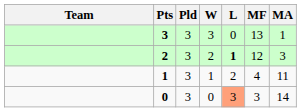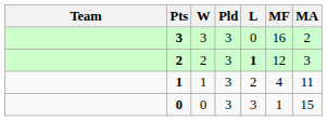 <table class=wikitable style="text-align:center; font-size:95%">
 <tr>
 <th width=175>Team</th>
 <th width=20>Pts</th>
+<th width=20>W</th>
 <th width=20>Pld</th>
-<th width=20>W</th>
 <th width=20>L</th>
 <th width=20>MF</th>
 <th width=20>MA</th>
 </tr>
 <tr bgcolor=ccffcc>
 <td style="text-align:left"></td>
 <td><strong>3</strong></td>
 <td>3</td>
 <td>3</td>
 <td>0</td>
-<td>13</td>
-<td>1</td>
+<td>16</td>
+<td>2</td>
 </tr>
 <tr bgcolor=ccffcc>
 <td style="text-align:left"></td>
 <td><strong>2</strong></td>
+<td>2</td>
 <td>3</td>
-<td>2</td>
 <td><strong>1</strong></td>
 <td>12</td>
 <td>3</td>
 </tr>
 <tr>
 <td style="text-align:left"></td>
 <td><strong>1</strong></td>
+<td>1</td>
 <td>3</td>
-<td>1</td>
 <td>2</td>
 <td>4</td>
 <td>11</td>
 </tr>
 <tr>
 <td style="text-align:left"></td>
 <td><strong>0</strong></td>
+<td>0</td>
 <td>3</td>
-<td>0</td>
-<td style="background: lightsalmon;">3</td>
 <td>3</td>
-<td>14</td>
+<td>1</td>
+<td>15</td>
 </tr>
 </table>
